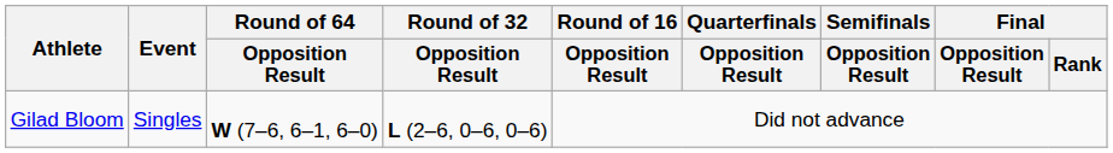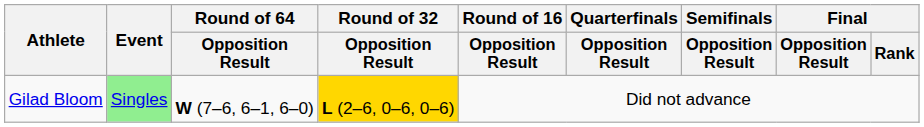 <table class="wikitable" style="font-size:90%">
 <tr>
 <th rowspan="2">Athlete</th>
 <th rowspan="2">Event</th>
 <th>Round of 64</th>
 <th>Round of 32</th>
 <th>Round of 16</th>
 <th>Quarterfinals</th>
 <th>Semifinals</th>
 <th colspan=2>Final</th>
 </tr>
 <tr style="font-size:95%">
 <th>Opposition<br>Result</th>
 <th>Opposition<br>Result</th>
 <th>Opposition<br>Result</th>
 <th>Opposition<br>Result</th>
 <th>Opposition<br>Result</th>
 <th>Opposition<br>Result</th>
 <th>Rank</th>
 </tr>
 <tr align=center>
 <td align=left><a href='#'>Gilad Bloom</a></td>
-<td align=left><a href='#'>Singles</a></td>
+<td align=left style="background: lightgreen;"><a href='#'>Singles</a></td>
 <td><br><strong>W</strong> (7–6, 6–1, 6–0)</td>
-<td><br><strong>L</strong> (2–6, 0–6, 0–6)</td>
+<td style="background: gold;"><br><strong>L</strong> (2–6, 0–6, 0–6)</td>
 <td colspan=5>Did not advance</td>
 </tr>
 </table>
